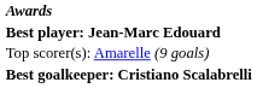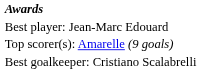 <table width=100% cellspacing=1 style="font-size: 90%;">
 <tr>
 <td><strong><em>Awards</em></strong></td>
 </tr>
 <tr>
-<td><strong>Best player:  Jean-Marc Edouard</strong></td>
+<td>Best player:  Jean-Marc Edouard</td>
 </tr>
 <tr>
 <td colspan=4>Top scorer(s):  <a href='#'>Amarelle</a> <em>(9 goals)</em></td>
 </tr>
 <tr>
-<td><strong>Best goalkeeper:  Cristiano Scalabrelli</strong></td>
+<td>Best goalkeeper:  Cristiano Scalabrelli</td>
 </tr>
 </table>
